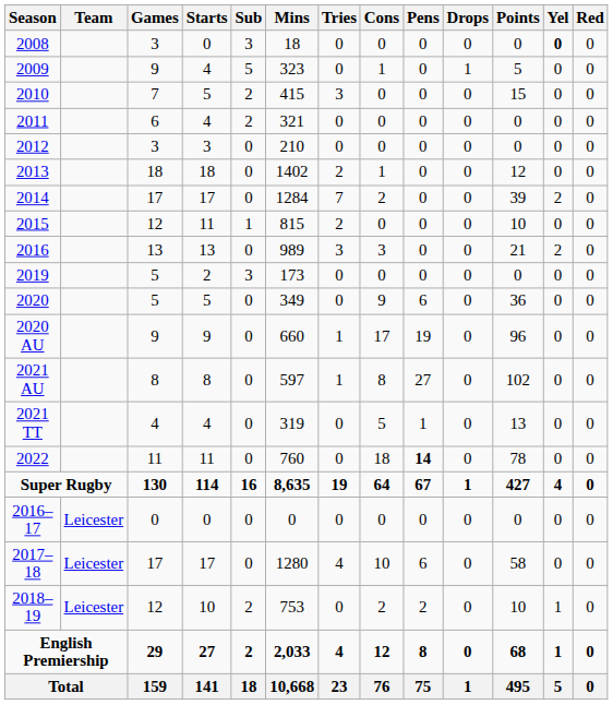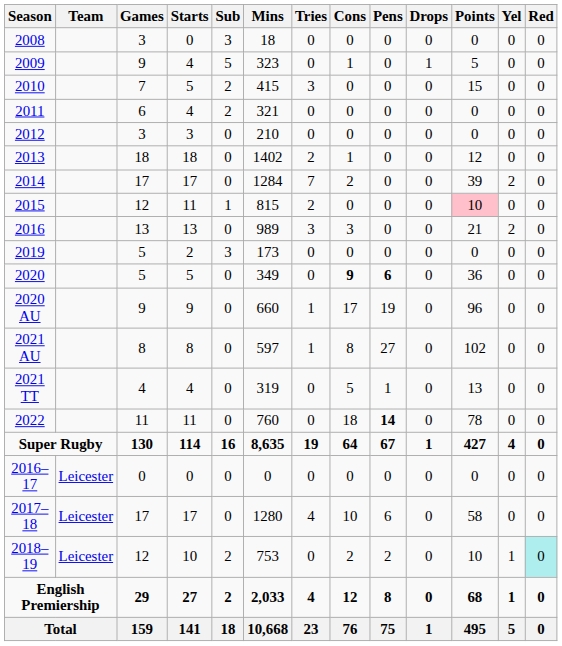 <table class="wikitable" style="text-align:center;width:70%">
 <tr>
 <th>Season</th>
 <th>Team</th>
 <th>Games</th>
 <th>Starts</th>
 <th>Sub</th>
 <th>Mins</th>
 <th>Tries</th>
 <th>Cons</th>
 <th>Pens</th>
 <th>Drops</th>
 <th>Points</th>
 <th>Yel</th>
 <th>Red</th>
 </tr>
 <tr>
 <td><a href='#'>2008</a></td>
 <td></td>
 <td>3</td>
 <td>0</td>
 <td>3</td>
 <td>18</td>
 <td>0</td>
 <td>0</td>
 <td>0</td>
 <td>0</td>
 <td>0</td>
-<td><strong>0</strong></td>
+<td>0</td>
 <td>0</td>
 </tr>
 <tr>
 <td><a href='#'>2009</a></td>
 <td></td>
 <td>9</td>
 <td>4</td>
 <td>5</td>
 <td>323</td>
 <td>0</td>
 <td>1</td>
 <td>0</td>
 <td>1</td>
 <td>5</td>
 <td>0</td>
 <td>0</td>
 </tr>
 <tr>
 <td><a href='#'>2010</a></td>
 <td></td>
 <td>7</td>
 <td>5</td>
 <td>2</td>
 <td>415</td>
 <td>3</td>
 <td>0</td>
 <td>0</td>
 <td>0</td>
 <td>15</td>
 <td>0</td>
 <td>0</td>
 </tr>
 <tr>
 <td><a href='#'>2011</a></td>
 <td></td>
 <td>6</td>
 <td>4</td>
 <td>2</td>
 <td>321</td>
 <td>0</td>
 <td>0</td>
 <td>0</td>
 <td>0</td>
 <td>0</td>
 <td>0</td>
 <td>0</td>
 </tr>
 <tr>
 <td><a href='#'>2012</a></td>
 <td></td>
 <td>3</td>
 <td>3</td>
 <td>0</td>
 <td>210</td>
 <td>0</td>
 <td>0</td>
 <td>0</td>
 <td>0</td>
 <td>0</td>
 <td>0</td>
 <td>0</td>
 </tr>
 <tr>
 <td><a href='#'>2013</a></td>
 <td></td>
 <td>18</td>
 <td>18</td>
 <td>0</td>
 <td>1402</td>
 <td>2</td>
 <td>1</td>
 <td>0</td>
 <td>0</td>
 <td>12</td>
 <td>0</td>
 <td>0</td>
 </tr>
 <tr>
 <td><a href='#'>2014</a></td>
 <td></td>
 <td>17</td>
 <td>17</td>
 <td>0</td>
 <td>1284</td>
 <td>7</td>
 <td>2</td>
 <td>0</td>
 <td>0</td>
 <td>39</td>
 <td>2</td>
 <td>0</td>
 </tr>
 <tr>
 <td><a href='#'>2015</a></td>
 <td></td>
 <td>12</td>
 <td>11</td>
 <td>1</td>
 <td>815</td>
 <td>2</td>
 <td>0</td>
 <td>0</td>
 <td>0</td>
-<td>10</td>
+<td style="background: pink;">10</td>
 <td>0</td>
 <td>0</td>
 </tr>
 <tr>
 <td><a href='#'>2016</a></td>
 <td></td>
 <td>13</td>
 <td>13</td>
 <td>0</td>
 <td>989</td>
 <td>3</td>
 <td>3</td>
 <td>0</td>
 <td>0</td>
 <td>21</td>
 <td>2</td>
 <td>0</td>
 </tr>
 <tr>
 <td><a href='#'>2019</a></td>
 <td></td>
 <td>5</td>
 <td>2</td>
 <td>3</td>
 <td>173</td>
 <td>0</td>
 <td>0</td>
 <td>0</td>
 <td>0</td>
 <td>0</td>
 <td>0</td>
 <td>0</td>
 </tr>
 <tr>
 <td><a href='#'>2020</a></td>
 <td></td>
 <td>5</td>
 <td>5</td>
 <td>0</td>
 <td>349</td>
 <td>0</td>
-<td>9</td>
-<td>6</td>
+<td><strong>9</strong></td>
+<td><strong>6</strong></td>
 <td>0</td>
 <td>36</td>
 <td>0</td>
 <td>0</td>
 </tr>
 <tr>
 <td><a href='#'>2020 AU</a></td>
 <td></td>
 <td>9</td>
 <td>9</td>
 <td>0</td>
 <td>660</td>
 <td>1</td>
 <td>17</td>
 <td>19</td>
 <td>0</td>
 <td>96</td>
 <td>0</td>
 <td>0</td>
 </tr>
 <tr>
 <td><a href='#'>2021 AU</a></td>
 <td></td>
 <td>8</td>
 <td>8</td>
 <td>0</td>
 <td>597</td>
 <td>1</td>
 <td>8</td>
 <td>27</td>
 <td>0</td>
 <td>102</td>
 <td>0</td>
 <td>0</td>
 </tr>
 <tr>
 <td><a href='#'>2021 TT</a></td>
 <td></td>
 <td>4</td>
 <td>4</td>
 <td>0</td>
 <td>319</td>
 <td>0</td>
 <td>5</td>
 <td>1</td>
 <td>0</td>
 <td>13</td>
 <td>0</td>
 <td>0</td>
 </tr>
 <tr>
 <td><a href='#'>2022</a></td>
 <td></td>
 <td>11</td>
 <td>11</td>
 <td>0</td>
 <td>760</td>
 <td>0</td>
 <td>18</td>
 <td><strong>14</strong></td>
 <td>0</td>
 <td>78</td>
 <td>0</td>
 <td>0</td>
 </tr>
 <tr style="font-weight:bold;">
 <td colspan="2">Super Rugby</td>
 <td>130</td>
 <td>114</td>
 <td>16</td>
 <td>8,635</td>
 <td>19</td>
 <td>64</td>
 <td>67</td>
 <td>1</td>
 <td>427</td>
 <td>4</td>
 <td>0</td>
 </tr>
 <tr>
 <td><a href='#'>2016–17</a></td>
 <td><a href='#'>Leicester</a></td>
 <td>0</td>
 <td>0</td>
 <td>0</td>
 <td>0</td>
 <td>0</td>
 <td>0</td>
 <td>0</td>
 <td>0</td>
 <td>0</td>
 <td>0</td>
 <td>0</td>
 </tr>
 <tr>
 <td><a href='#'>2017–18</a></td>
 <td><a href='#'>Leicester</a></td>
 <td>17</td>
 <td>17</td>
 <td>0</td>
 <td>1280</td>
 <td>4</td>
 <td>10</td>
 <td>6</td>
 <td>0</td>
 <td>58</td>
 <td>0</td>
 <td>0</td>
 </tr>
 <tr>
 <td><a href='#'>2018–19</a></td>
 <td><a href='#'>Leicester</a></td>
 <td>12</td>
 <td>10</td>
 <td>2</td>
 <td>753</td>
 <td>0</td>
 <td>2</td>
 <td>2</td>
 <td>0</td>
 <td>10</td>
 <td>1</td>
-<td>0</td>
+<td style="background: paleturquoise;">0</td>
 </tr>
 <tr style="font-weight:bold;">
 <td colspan="2">English Premiership</td>
 <td>29</td>
 <td>27</td>
 <td>2</td>
 <td>2,033</td>
 <td>4</td>
 <td>12</td>
 <td>8</td>
 <td>0</td>
 <td>68</td>
 <td>1</td>
 <td>0</td>
 </tr>
 <tr>
 <th colspan="2">Total</th>
 <th>159</th>
 <th>141</th>
 <th>18</th>
 <th>10,668</th>
 <th>23</th>
 <th>76</th>
 <th>75</th>
 <th>1</th>
 <th>495</th>
 <th>5</th>
 <th>0</th>
 </tr>
 </table>
